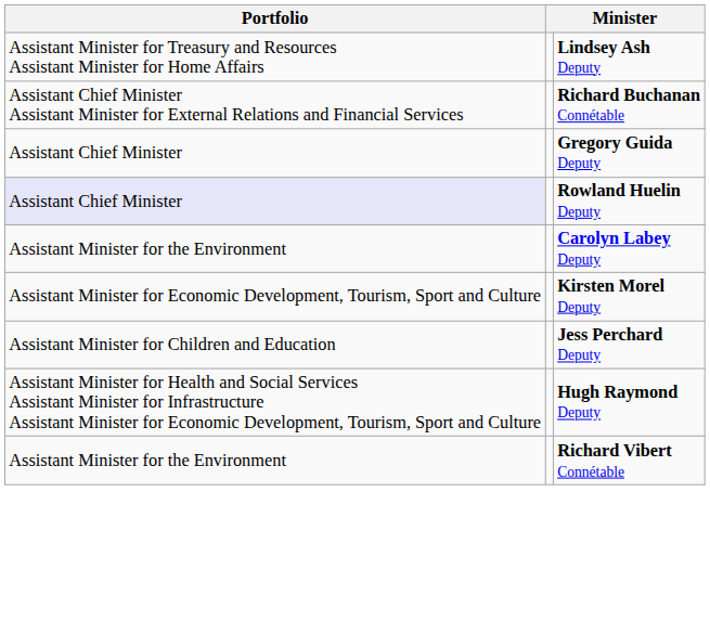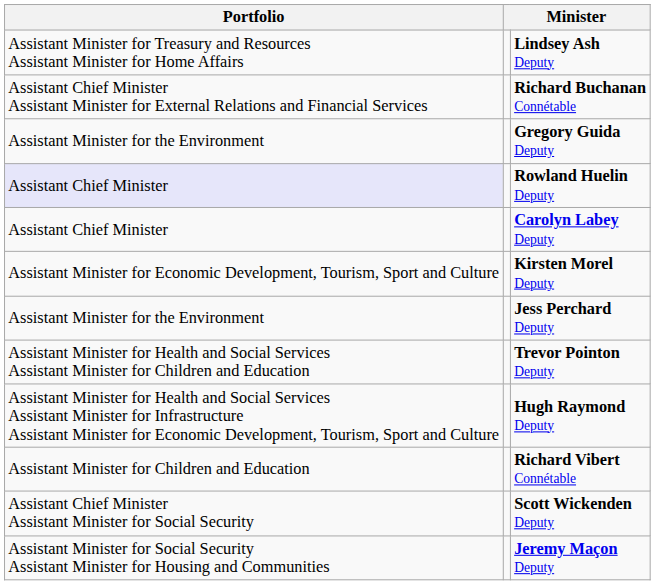 <table class="wikitable">
 <tr>
 <th>Portfolio</th>
 <th colspan="2">Minister</th>
 </tr>
 <tr>
 <td>Assistant Minister for Treasury and Resources<br>Assistant Minister for Home Affairs</td>
 <td style="background:"></td>
 <td><strong>Lindsey Ash</strong><br><small><a href='#'>Deputy</a></small></td>
 </tr>
 <tr>
 <td>Assistant Chief Minister<br>Assistant Minister for External Relations and Financial Services</td>
 <td style="background:"></td>
 <td><strong>Richard Buchanan</strong><br><small><a href='#'>Connétable</a></small></td>
 </tr>
 <tr>
-<td>Assistant Chief Minister</td>
+<td>Assistant Minister for the Environment</td>
 <td style="background:"></td>
 <td><strong>Gregory Guida</strong><br><a href='#'><small></small></a><small><a href='#'>Deputy</a></small></td>
 </tr>
 <tr>
 <td style="background: lavender;">Assistant Chief Minister</td>
 <td style="background:"></td>
 <td><strong>Rowland Huelin</strong><br><a href='#'><small></small></a><small><a href='#'>Deputy</a></small></td>
 </tr>
 <tr>
-<td>Assistant Minister for the Environment</td>
+<td>Assistant Chief Minister</td>
 <td style="background:"></td>
 <td><strong><a href='#'>Carolyn Labey</a></strong><br><a href='#'><small></small></a><small><a href='#'>Deputy</a></small></td>
 </tr>
 <tr>
 <td>Assistant Minister for Economic Development, Tourism, Sport and Culture</td>
 <td style="background:"></td>
 <td><strong>Kirsten Morel</strong><br><a href='#'><small></small></a><small><a href='#'>Deputy</a></small></td>
 </tr>
 <tr>
-<td>Assistant Minister for Children and Education</td>
+<td>Assistant Minister for the Environment</td>
 <td style="background:"></td>
 <td><strong>Jess Perchard</strong><br><a href='#'><small></small></a><small><a href='#'>Deputy</a></small></td>
+</tr>
+<tr>
+<td>Assistant Minister for Health and Social Services<br>Assistant Minister for Children and Education</td>
+<td style="background:"></td>
+<td><strong>Trevor Pointon</strong><br><a href='#'><small></small></a><small><a href='#'>Deputy</a></small></td>
 </tr>
 <tr>
 <td>Assistant Minister for Health and Social Services<br>Assistant Minister for Infrastructure<br>Assistant Minister for Economic Development, Tourism, Sport and Culture</td>
 <td style="background:"></td>
 <td><strong>Hugh Raymond</strong><br><a href='#'><small></small></a><small><a href='#'>Deputy</a></small></td>
 </tr>
 <tr>
-<td>Assistant Minister for the Environment</td>
+<td>Assistant Minister for Children and Education</td>
 <td style="background:"></td>
 <td><strong>Richard Vibert</strong><br><small><a href='#'>Connétable</a></small></td>
 </tr>
+<tr>
+<td>Assistant Chief Minister<br>Assistant Minister for Social Security</td>
+<td style="background:"></td>
+<td><strong>Scott Wickenden</strong><br><small><a href='#'>Deputy</a></small></td>
+</tr>
+<tr>
+<td>Assistant Minister for Social Security<br>Assistant Minister for Housing and Communities</td>
+<td style="background:"></td>
+<td><strong><a href='#'>Jeremy Maçon</a></strong><br><small><a href='#'>Deputy</a></small></td>
+</tr>
 </table>
